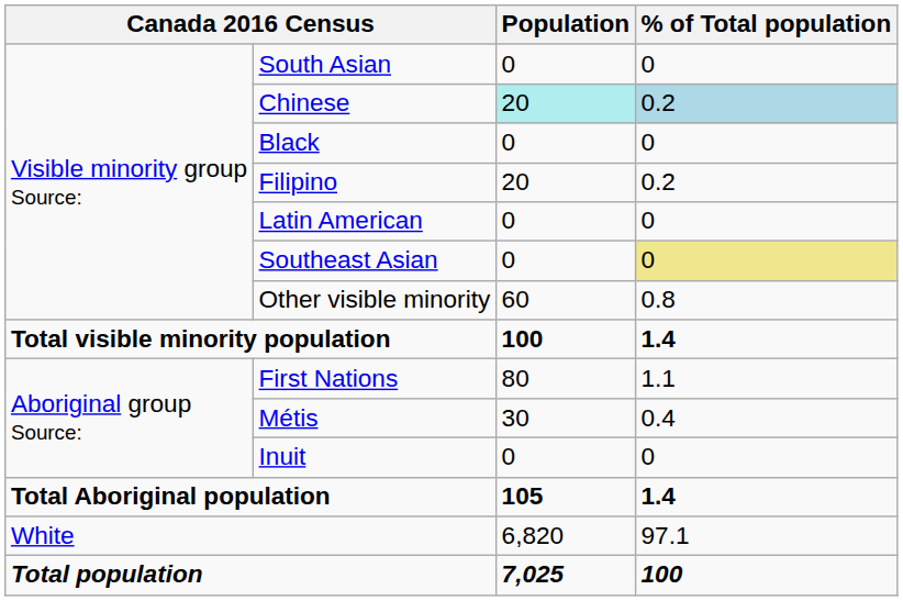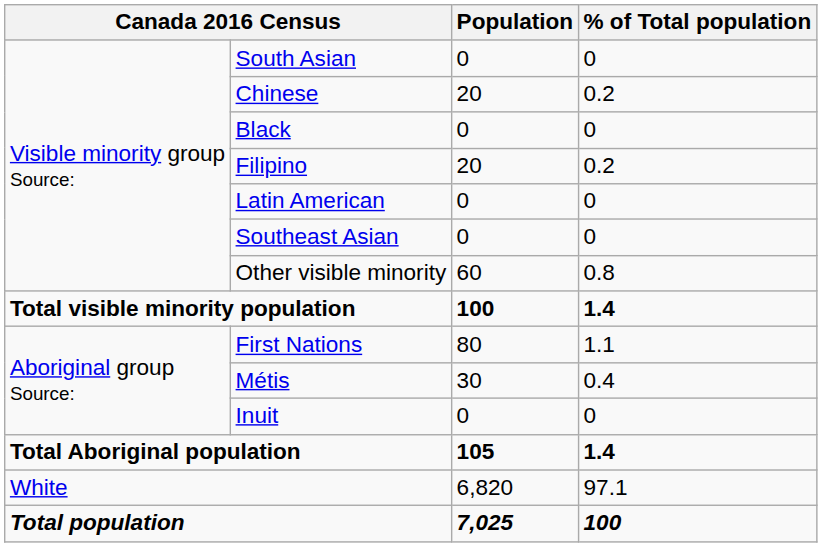 <table class="wikitable">
 <tr>
 <th colspan="2">Canada 2016 Census</th>
 <th>Population</th>
 <th>% of Total population</th>
 </tr>
 <tr>
 <td rowspan="7"><a href='#'>Visible minority</a> group<br><small>Source:</small></td>
 <td><a href='#'>South Asian</a></td>
 <td>0</td>
 <td>0</td>
 </tr>
 <tr>
 <td><a href='#'>Chinese</a></td>
-<td style="background: paleturquoise;">20</td>
-<td style="background: lightblue;">0.2</td>
+<td>20</td>
+<td>0.2</td>
 </tr>
 <tr>
 <td><a href='#'>Black</a></td>
 <td>0</td>
 <td>0</td>
 </tr>
 <tr>
 <td><a href='#'>Filipino</a></td>
 <td>20</td>
 <td>0.2</td>
 </tr>
 <tr>
 <td><a href='#'>Latin American</a></td>
 <td>0</td>
 <td>0</td>
 </tr>
 <tr>
 <td><a href='#'>Southeast Asian</a></td>
 <td>0</td>
-<td style="background: khaki;">0</td>
+<td>0</td>
 </tr>
 <tr>
 <td>Other visible minority</td>
 <td>60</td>
 <td>0.8</td>
 </tr>
 <tr>
 <td colspan="2"><strong>Total visible minority population</strong></td>
 <td><strong>100</strong></td>
 <td><strong>1.4</strong></td>
 </tr>
 <tr>
 <td rowspan="3"><a href='#'>Aboriginal</a> group<br><small>Source:</small></td>
 <td><a href='#'>First Nations</a></td>
 <td>80</td>
 <td>1.1</td>
 </tr>
 <tr>
 <td><a href='#'>Métis</a></td>
 <td>30</td>
 <td>0.4</td>
 </tr>
 <tr>
 <td><a href='#'>Inuit</a></td>
 <td>0</td>
 <td>0</td>
 </tr>
 <tr>
 <td colspan="2"><strong>Total Aboriginal population</strong></td>
 <td><strong>105</strong></td>
 <td><strong>1.4</strong></td>
 </tr>
 <tr>
 <td colspan="2"><a href='#'>White</a></td>
 <td>6,820</td>
 <td>97.1</td>
 </tr>
 <tr>
 <td colspan="2"><strong><em>Total population</em></strong></td>
 <td><strong><em>7,025</em></strong></td>
 <td><strong><em>100</em></strong></td>
 </tr>
 </table>
